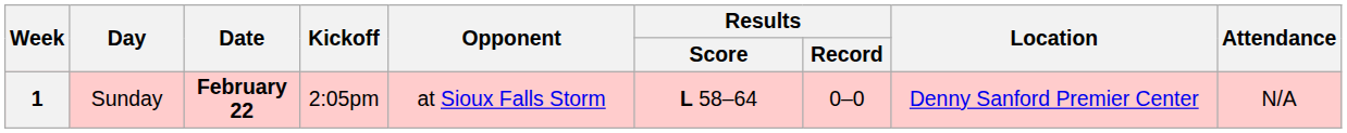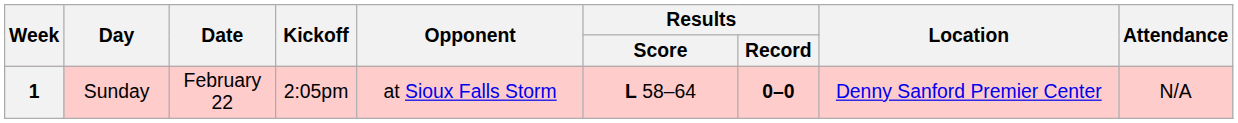 <table class="wikitable">
 <tr>
 <th rowspan="2" width="40">Week</th>
 <th rowspan="2" width="80">Day</th>
 <th rowspan="2" width="80">Date</th>
 <th rowspan="2" width="60">Kickoff</th>
 <th rowspan="2" width="180">Opponent</th>
 <th colspan="2" width="180">Results</th>
 <th rowspan="2" width="240">Location</th>
 <th rowspan="2" width=>Attendance</th>
 </tr>
 <tr>
 <th width="120">Score</th>
 <th width="60">Record</th>
 </tr>
 <tr align="center" bgcolor="#FFCCCC">
 <th>1</th>
 <td>Sunday</td>
-<td><strong>February 22</strong></td>
+<td>February 22</td>
 <td>2:05pm</td>
 <td>at <a href='#'>Sioux Falls Storm</a></td>
 <td><strong>L</strong> 58–64</td>
-<td>0–0</td>
+<td><strong>0–0</strong></td>
 <td><a href='#'>Denny Sanford Premier Center</a></td>
 <td>N/A</td>
 </tr>
 </table>
